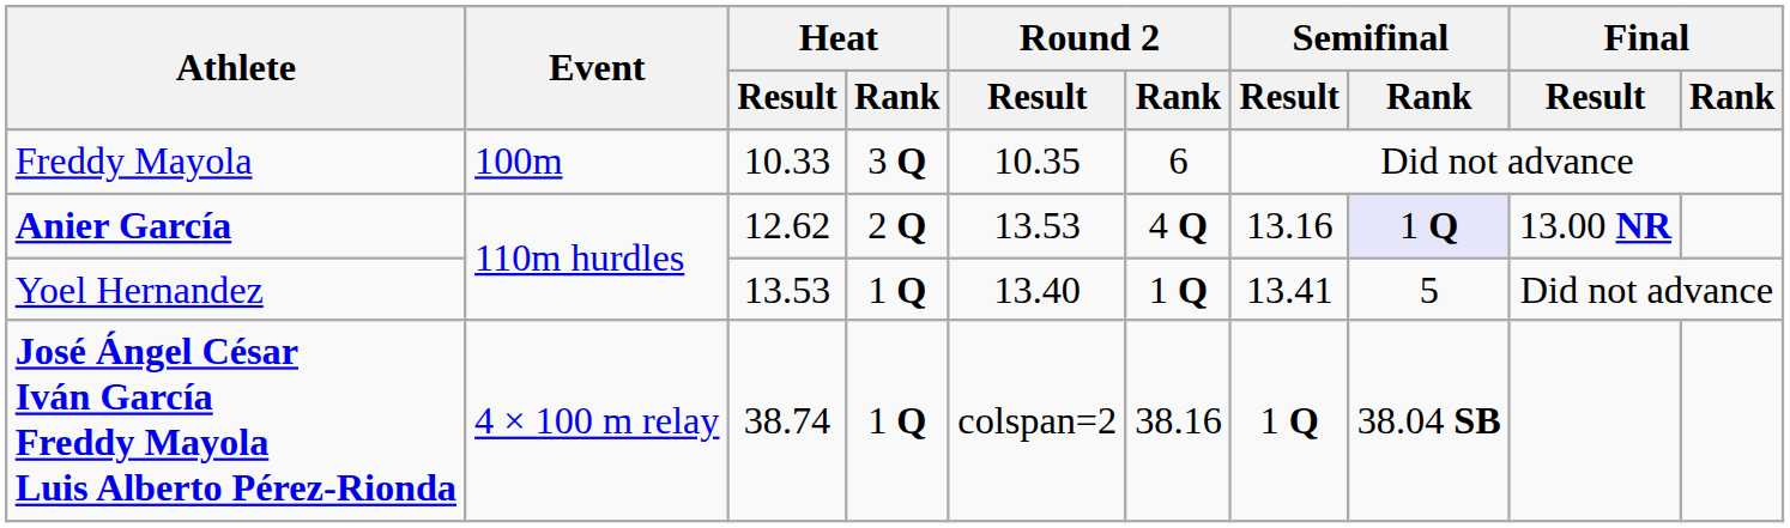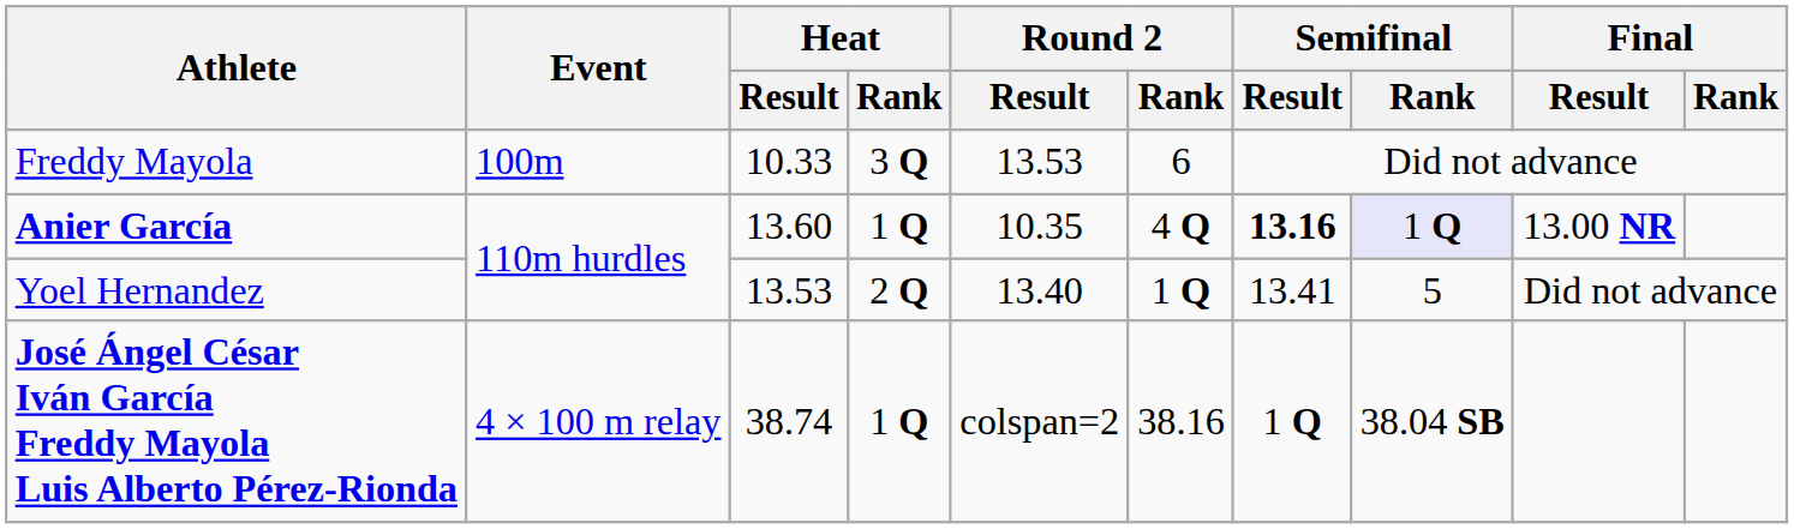 <table class=wikitable style="font-size:90%">
 <tr>
 <th rowspan="2">Athlete</th>
 <th rowspan="2">Event</th>
 <th colspan="2">Heat</th>
 <th colspan="2">Round 2</th>
 <th colspan="2">Semifinal</th>
 <th colspan="2">Final</th>
 </tr>
 <tr style="font-size:95%">
 <th>Result</th>
 <th>Rank</th>
 <th>Result</th>
 <th>Rank</th>
 <th>Result</th>
 <th>Rank</th>
 <th>Result</th>
 <th>Rank</th>
 </tr>
 <tr align=center>
 <td align=left><a href='#'>Freddy Mayola</a></td>
 <td align=left><a href='#'>100m</a></td>
 <td>10.33</td>
 <td>3 <strong>Q</strong></td>
-<td>10.35</td>
+<td>13.53</td>
 <td>6</td>
 <td colspan=4>Did not advance</td>
 </tr>
 <tr align=center>
 <td align=left><strong><a href='#'>Anier García</a></strong></td>
 <td align=left rowspan=2><a href='#'>110m hurdles</a></td>
-<td>12.62</td>
-<td>2 <strong>Q</strong></td>
-<td>13.53</td>
+<td>13.60</td>
+<td>1 <strong>Q</strong></td>
+<td>10.35</td>
 <td>4 <strong>Q</strong></td>
-<td>13.16</td>
+<td><strong>13.16</strong></td>
 <td style="background: lavender;">1 <strong>Q</strong></td>
 <td>13.00 <strong><a href='#'>NR</a></strong></td>
 <td></td>
 </tr>
 <tr align=center>
 <td align=left><a href='#'>Yoel Hernandez</a></td>
 <td>13.53</td>
-<td>1 <strong>Q</strong></td>
+<td>2 <strong>Q</strong></td>
 <td>13.40</td>
 <td>1 <strong>Q</strong></td>
 <td>13.41</td>
 <td>5</td>
 <td colspan=2>Did not advance</td>
 </tr>
 <tr align=center>
 <td align=left><strong><a href='#'>José Ángel César</a></strong><br> <strong><a href='#'>Iván García</a></strong><br> <strong><a href='#'>Freddy Mayola</a></strong><br> <strong><a href='#'>Luis Alberto Pérez-Rionda</a></strong></td>
 <td align=left><a href='#'>4 × 100 m relay</a></td>
 <td>38.74</td>
 <td>1 <strong>Q</strong></td>
 <td>colspan=2 </td>
 <td>38.16</td>
 <td>1 <strong>Q</strong></td>
 <td>38.04 <strong>SB</strong></td>
 <td></td>
 </tr>
 </table>
